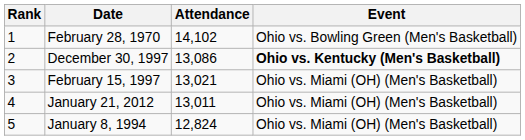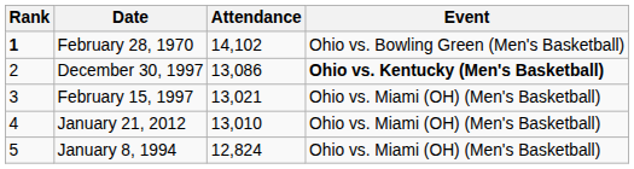 <table class=wikitable>
 <tr>
 <th>Rank</th>
 <th>Date</th>
 <th>Attendance</th>
 <th>Event</th>
 </tr>
 <tr>
-<td>1</td>
+<td><strong>1</strong></td>
 <td>February 28, 1970</td>
 <td>14,102</td>
 <td>Ohio vs. Bowling Green (Men's Basketball)</td>
 </tr>
 <tr>
 <td>2</td>
 <td>December 30, 1997</td>
 <td>13,086</td>
 <td><strong>Ohio vs. Kentucky (Men's Basketball)</strong></td>
 </tr>
 <tr>
 <td>3</td>
 <td>February 15, 1997</td>
 <td>13,021</td>
 <td>Ohio vs. Miami (OH) (Men's Basketball)</td>
 </tr>
 <tr>
 <td>4</td>
 <td>January 21, 2012</td>
-<td>13,011</td>
+<td>13,010</td>
 <td>Ohio vs. Miami (OH) (Men's Basketball)</td>
 </tr>
 <tr>
 <td>5</td>
 <td>January 8, 1994</td>
 <td>12,824</td>
 <td>Ohio vs. Miami (OH) (Men's Basketball)</td>
 </tr>
 </table>
